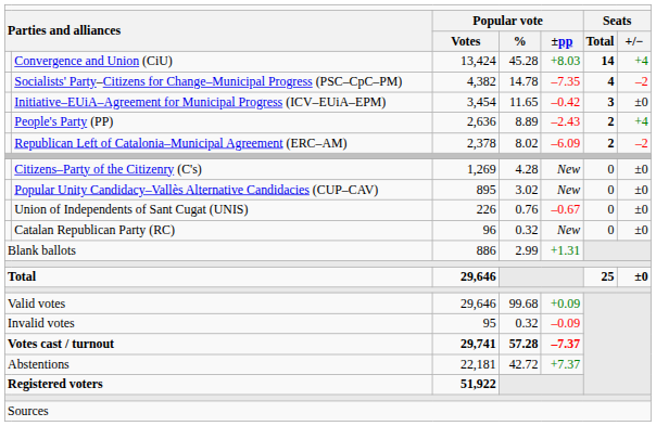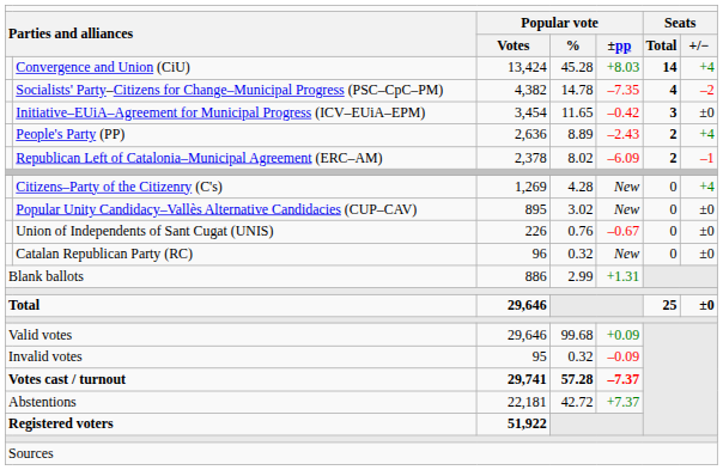 <table class="wikitable" style="text-align:right;">
 <tr>
 <td colspan="7"></td>
 </tr>
 <tr>
 <th style="text-align:left;" rowspan="2" colspan="2" width="525">Parties and alliances</th>
 <th colspan="3">Popular vote</th>
 <th colspan="2">Seats</th>
 </tr>
 <tr>
 <th width="75">Votes</th>
 <th width="45">%</th>
 <th width="45">±<a href='#'>pp</a></th>
 <th width="35">Total</th>
 <th width="35">+/−</th>
 </tr>
 <tr>
 <td width="1" style="color:inherit;background:"></td>
 <td align="left"><a href='#'>Convergence and Union</a> (CiU)</td>
 <td>13,424</td>
 <td>45.28</td>
 <td style="color:green;">+8.03</td>
 <td><strong>14</strong></td>
 <td style="color:green;">+4</td>
 </tr>
 <tr>
 <td style="color:inherit;background:"></td>
 <td align="left"><a href='#'>Socialists' Party</a>–<a href='#'>Citizens for Change–Municipal Progress</a> (PSC–CpC–PM)</td>
 <td>4,382</td>
 <td>14.78</td>
 <td style="color:red;">–7.35</td>
 <td><strong>4</strong></td>
 <td style="color:red;">–2</td>
 </tr>
 <tr>
 <td style="color:inherit;background:"></td>
 <td align="left"><a href='#'>Initiative–EUiA–Agreement for Municipal Progress</a> (ICV–EUiA–EPM)</td>
 <td>3,454</td>
 <td>11.65</td>
 <td style="color:red;">–0.42</td>
 <td><strong>3</strong></td>
 <td>±0</td>
 </tr>
 <tr>
 <td style="color:inherit;background:"></td>
 <td align="left"><a href='#'>People's Party</a> (PP)</td>
 <td>2,636</td>
 <td>8.89</td>
 <td style="color:red;">–2.43</td>
 <td><strong>2</strong></td>
 <td style="color:green;">+4</td>
 </tr>
 <tr>
 <td style="color:inherit;background:"></td>
 <td align="left"><a href='#'>Republican Left of Catalonia–Municipal Agreement</a> (ERC–AM)</td>
 <td>2,378</td>
 <td>8.02</td>
 <td style="color:red;">–6.09</td>
 <td><strong>2</strong></td>
-<td style="color:red;">–2</td>
+<td style="color:red;">–1</td>
 </tr>
 <tr>
 <td colspan="7" style="color:inherit;background:#C0C0C0"></td>
 </tr>
 <tr>
 <td style="color:inherit;background:"></td>
 <td align="left"><a href='#'>Citizens–Party of the Citizenry</a> (C's)</td>
 <td>1,269</td>
 <td>4.28</td>
 <td><em>New</em></td>
 <td>0</td>
-<td>±0</td>
+<td style="color:green;">+4</td>
 </tr>
 <tr>
 <td style="color:inherit;background:"></td>
 <td align="left"><a href='#'>Popular Unity Candidacy–Vallès Alternative Candidacies</a> (CUP–CAV)</td>
 <td>895</td>
 <td>3.02</td>
 <td><em>New</em></td>
 <td>0</td>
 <td>±0</td>
 </tr>
 <tr>
 <td style="color:inherit;background:"></td>
 <td align="left">Union of Independents of Sant Cugat (UNIS)</td>
 <td>226</td>
 <td>0.76</td>
 <td style="color:red;">–0.67</td>
 <td>0</td>
 <td>±0</td>
 </tr>
 <tr>
 <td style="color:inherit;background:"></td>
 <td align="left">Catalan Republican Party (RC)</td>
 <td>96</td>
 <td>0.32</td>
 <td><em>New</em></td>
 <td>0</td>
 <td>±0</td>
 </tr>
 <tr>
 <td align="left" colspan="2">Blank ballots</td>
 <td>886</td>
 <td>2.99</td>
 <td style="color:green;">+1.31</td>
 <td style="color:inherit;background:#E9E9E9" colspan="2"></td>
 </tr>
 <tr>
 <td colspan="7" style="color:inherit;background:#E9E9E9"></td>
 </tr>
 <tr style="font-weight:bold;">
 <td align="left" colspan="2">Total</td>
 <td>29,646</td>
 <td bgcolor="#E9E9E9" colspan="2"></td>
 <td>25</td>
 <td>±0</td>
 </tr>
 <tr>
 <td colspan="7" style="color:inherit;background:#E9E9E9"></td>
 </tr>
 <tr>
 <td align="left" colspan="2">Valid votes</td>
 <td>29,646</td>
 <td>99.68</td>
 <td style="color:green;">+0.09</td>
 <td bgcolor="#E9E9E9" colspan="2" rowspan="5"></td>
 </tr>
 <tr>
 <td align="left" colspan="2">Invalid votes</td>
 <td>95</td>
 <td>0.32</td>
 <td style="color:red;">–0.09</td>
 </tr>
 <tr style="font-weight:bold;">
 <td align="left" colspan="2">Votes cast / turnout</td>
 <td>29,741</td>
 <td>57.28</td>
 <td style="color:red;">–7.37</td>
 </tr>
 <tr>
 <td align="left" colspan="2">Abstentions</td>
 <td>22,181</td>
 <td>42.72</td>
 <td style="color:green;">+7.37</td>
 </tr>
 <tr style="font-weight:bold;">
 <td align="left" colspan="2">Registered voters</td>
 <td>51,922</td>
 <td bgcolor="#E9E9E9" colspan="2"></td>
 </tr>
 <tr>
 <td colspan="7" style="color:inherit;background:#E9E9E9"></td>
 </tr>
 <tr>
 <td align="left" colspan="7">Sources</td>
 </tr>
 </table>
